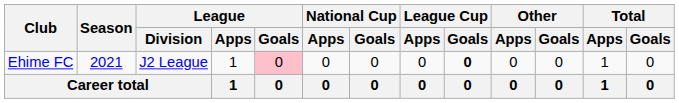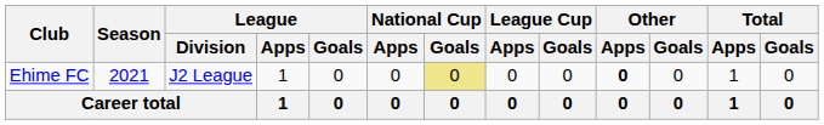 <table class="wikitable" style="text-align: center">
 <tr>
 <th rowspan="2">Club</th>
 <th rowspan="2">Season</th>
 <th colspan="3">League</th>
 <th colspan="2">National Cup</th>
 <th colspan="2">League Cup</th>
 <th colspan="2">Other</th>
 <th colspan="2">Total</th>
 </tr>
 <tr>
 <th>Division</th>
 <th>Apps</th>
 <th>Goals</th>
 <th>Apps</th>
 <th>Goals</th>
 <th>Apps</th>
 <th>Goals</th>
 <th>Apps</th>
 <th>Goals</th>
 <th>Apps</th>
 <th>Goals</th>
 </tr>
 <tr>
 <td><a href='#'>Ehime FC</a></td>
 <td><a href='#'>2021</a></td>
 <td><a href='#'>J2 League</a></td>
 <td>1</td>
-<td style="background: pink;">0</td>
 <td>0</td>
+<td>0</td>
+<td style="background: khaki;">0</td>
 <td>0</td>
 <td>0</td>
 <td><strong>0</strong></td>
-<td>0</td>
 <td>0</td>
 <td>1</td>
 <td>0</td>
 </tr>
 <tr>
 <th colspan=3>Career total</th>
 <th>1</th>
 <th>0</th>
 <th>0</th>
 <th>0</th>
 <th>0</th>
 <th>0</th>
 <th>0</th>
 <th>0</th>
 <th>1</th>
 <th>0</th>
 </tr>
 </table>
